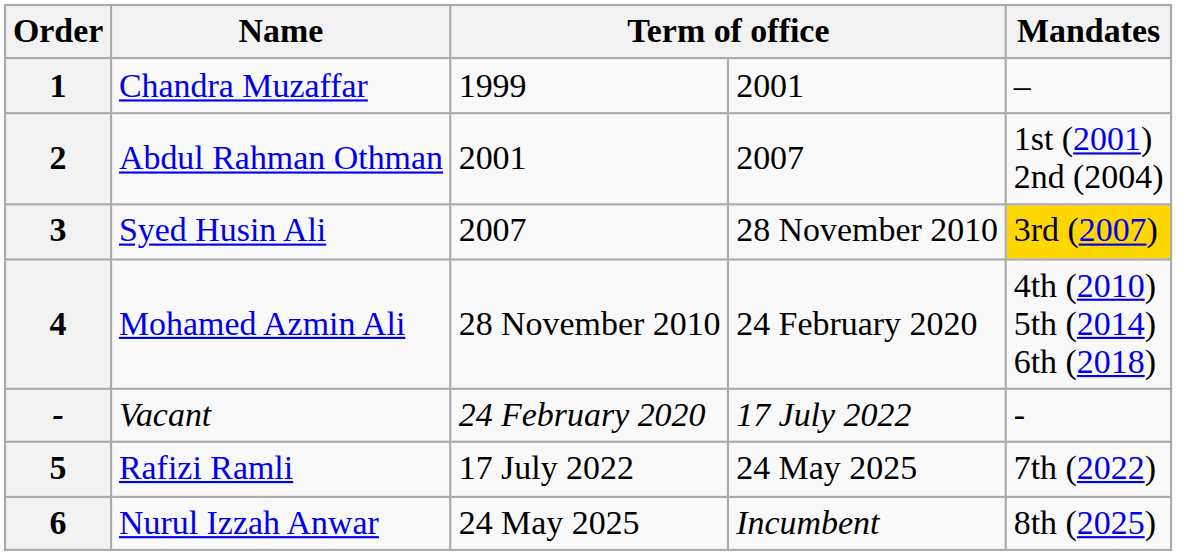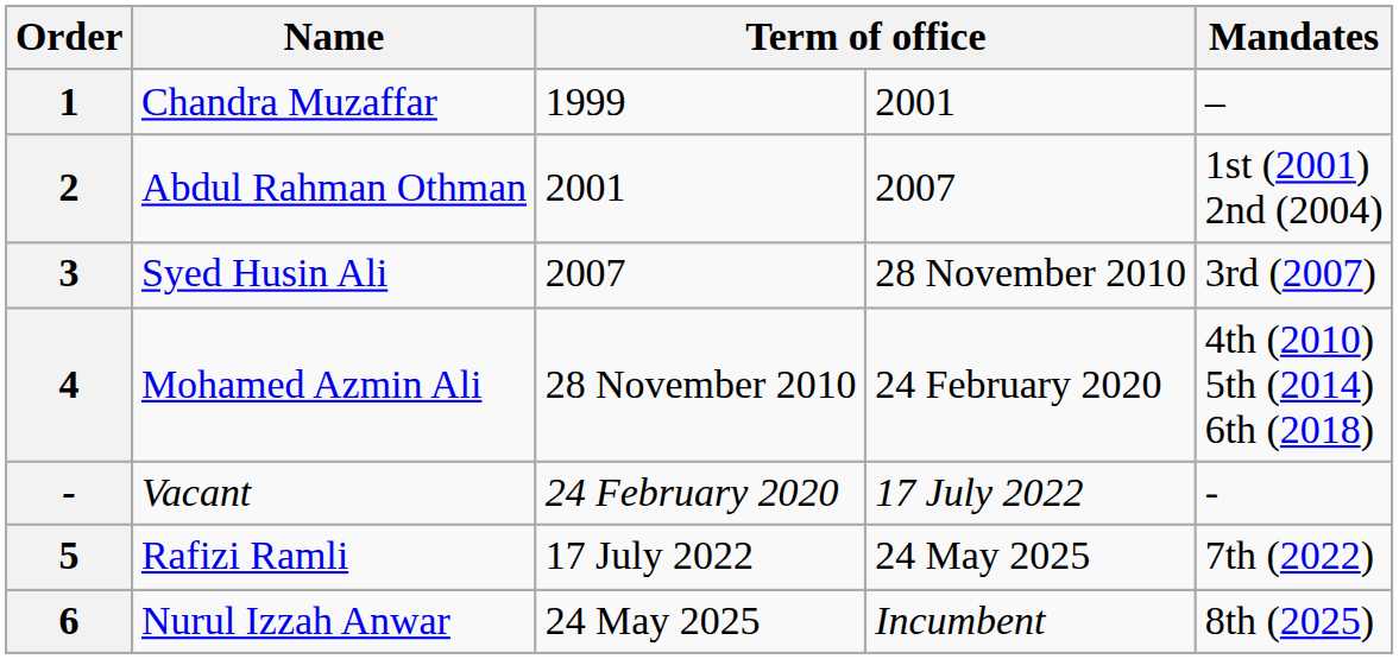 <table class="wikitable">
 <tr>
 <th>Order</th>
 <th>Name</th>
 <th colspan="2">Term of office</th>
 <th>Mandates</th>
 </tr>
 <tr>
 <th>1</th>
 <td><a href='#'>Chandra Muzaffar</a></td>
 <td>1999</td>
 <td>2001</td>
 <td>–</td>
 </tr>
 <tr>
 <th>2</th>
 <td><a href='#'>Abdul Rahman Othman</a></td>
 <td>2001</td>
 <td>2007</td>
 <td>1st (<a href='#'>2001</a>)<br>2nd (2004)</td>
 </tr>
 <tr>
 <th>3</th>
 <td><a href='#'>Syed Husin Ali</a></td>
 <td>2007</td>
 <td>28 November 2010</td>
-<td style="background: gold;">3rd (<a href='#'>2007</a>)</td>
+<td>3rd (<a href='#'>2007</a>)</td>
 </tr>
 <tr>
 <th>4</th>
 <td><a href='#'>Mohamed Azmin Ali</a></td>
 <td>28 November 2010</td>
 <td>24 February 2020</td>
 <td>4th (<a href='#'>2010</a>)<br>5th (<a href='#'>2014</a>)<br>6th (<a href='#'>2018</a>)</td>
 </tr>
 <tr>
 <th><em>-</em></th>
 <td><em>Vacant</em></td>
 <td><em>24 February 2020</em></td>
 <td><em>17 July 2022</em></td>
 <td><em>-</em></td>
 </tr>
 <tr>
 <th>5</th>
 <td><a href='#'>Rafizi Ramli</a></td>
 <td>17 July 2022</td>
 <td>24 May 2025</td>
 <td>7th (<a href='#'>2022</a>)</td>
 </tr>
 <tr>
 <th>6</th>
 <td><a href='#'>Nurul Izzah Anwar</a></td>
 <td>24 May 2025</td>
 <td><em>Incumbent</em></td>
 <td>8th (<a href='#'>2025</a>)</td>
 </tr>
 </table>
